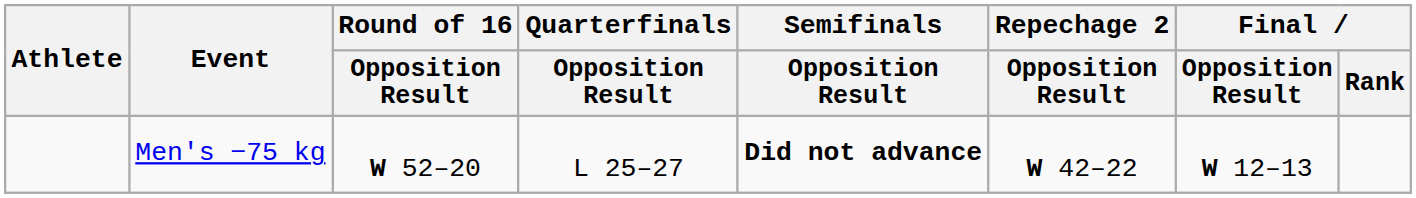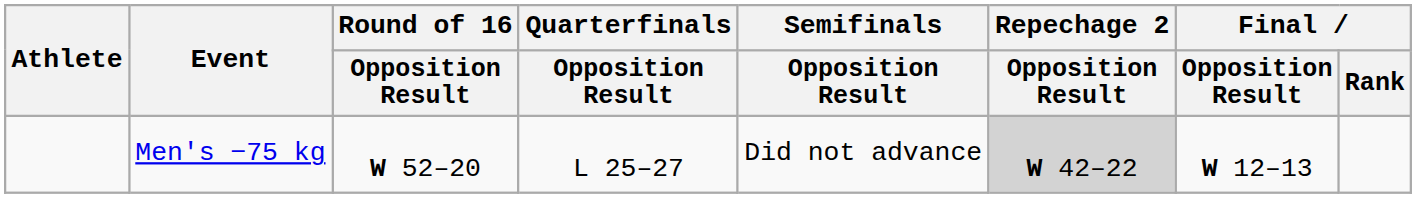 <table class="wikitable" style="font-size:90%;">
 <tr>
 <th rowspan=2>Athlete</th>
 <th rowspan=2>Event</th>
 <th>Round of 16</th>
 <th>Quarterfinals</th>
 <th>Semifinals</th>
 <th>Repechage 2</th>
 <th colspan="2">Final / </th>
 </tr>
 <tr style="font-size:95%">
 <th>Opposition<br>Result</th>
 <th>Opposition<br>Result</th>
 <th>Opposition<br>Result</th>
 <th>Opposition<br>Result</th>
 <th>Opposition<br>Result</th>
 <th>Rank</th>
 </tr>
 <tr align=center>
 <td align=left><strong></strong></td>
 <td align=left><a href='#'>Men's −75 kg</a></td>
 <td><br> <strong>W</strong> 52–20</td>
 <td><br> L 25–27</td>
-<td><strong>Did not advance</strong></td>
-<td><br><strong>W</strong> 42–22</td>
+<td>Did not advance</td>
+<td style="background: lightgrey;"><br><strong>W</strong> 42–22</td>
 <td><br> <strong>W</strong> 12–13</td>
 <td></td>
 </tr>
 </table>
